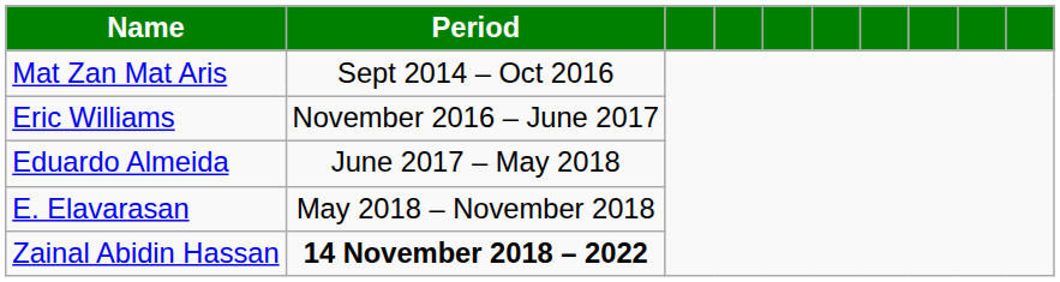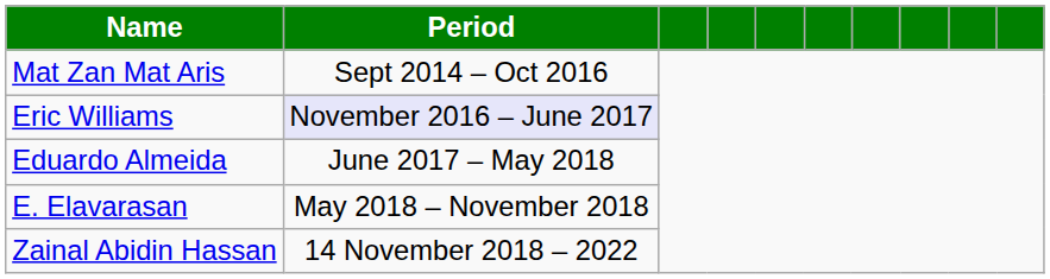 <table class="wikitable ">
 <tr>
 <th style="background:green; color:White; text-align:center;">Name</th>
 <th style="background:green; color:White; text-align:center;">Period</th>
 <th style="background:green; color:White; text-align:center;" width=20></th>
 <th style="background:green; color:White; text-align:center;" width=20></th>
 <th style="background:green; color:White; text-align:center;" width=20></th>
 <th style="background:green; color:White; text-align:center;" width=20></th>
 <th style="background:green; color:White; text-align:center;" width=20></th>
 <th style="background:green; color:White; text-align:center;" width=20></th>
 <th style="background:green; color:White; text-align:center;" width=20></th>
 <th style="background:green; color:White; text-align:center;" width=20></th>
 </tr>
 <tr>
 <td><a href='#'>Mat Zan Mat Aris</a></td>
 <td align=center>Sept 2014 – Oct 2016<br></td>
 </tr>
 <tr>
 <td><a href='#'>Eric Williams</a></td>
-<td align=center>November 2016 – June 2017<br></td>
+<td align=center style="background: lavender;">November 2016 – June 2017<br></td>
 </tr>
 <tr>
 <td><a href='#'>Eduardo Almeida</a></td>
 <td align=center>June 2017 – May 2018<br></td>
 </tr>
 <tr>
 <td><a href='#'>E. Elavarasan</a></td>
 <td align=center>May 2018 – November 2018<br></td>
 </tr>
 <tr>
 <td><a href='#'>Zainal Abidin Hassan</a></td>
-<td align=center><strong>14 November 2018 – 2022<br></strong></td>
+<td align=center>14 November 2018 – 2022<br></td>
 </tr>
 </table>
